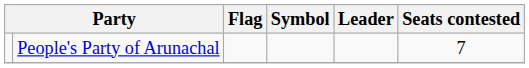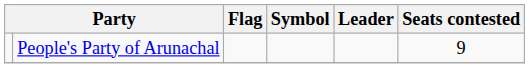 <table class="wikitable" style="text-align:center;">
 <tr>
 <th colspan="2">Party</th>
 <th>Flag</th>
 <th>Symbol</th>
 <th>Leader</th>
 <th>Seats contested</th>
 </tr>
 <tr>
 <td></td>
 <td><a href='#'>People's Party of Arunachal</a></td>
 <td></td>
 <td></td>
 <td></td>
-<td>7</td>
+<td>9</td>
 </tr>
 <tr>
 </tr>
 </table>
